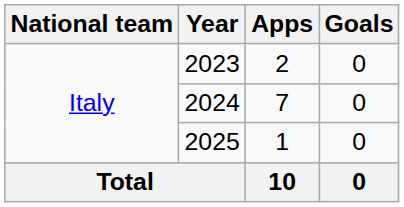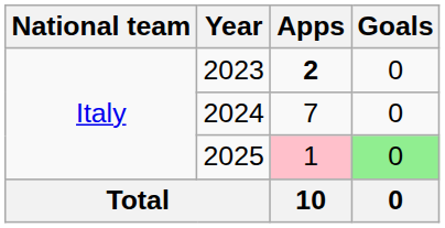 <table class="wikitable" style="text-align:center">
 <tr>
 <th>National team</th>
 <th>Year</th>
 <th>Apps</th>
 <th>Goals</th>
 </tr>
 <tr>
 <td rowspan="3"><a href='#'>Italy</a></td>
 <td>2023</td>
-<td>2</td>
+<td><strong>2</strong></td>
 <td>0</td>
 </tr>
 <tr>
 <td>2024</td>
 <td>7</td>
 <td>0</td>
 </tr>
 <tr>
 <td>2025</td>
-<td>1</td>
-<td>0</td>
+<td style="background: pink;">1</td>
+<td style="background: lightgreen;">0</td>
 </tr>
 <tr>
 <th colspan="2">Total</th>
 <th>10</th>
 <th>0</th>
 </tr>
 </table>
